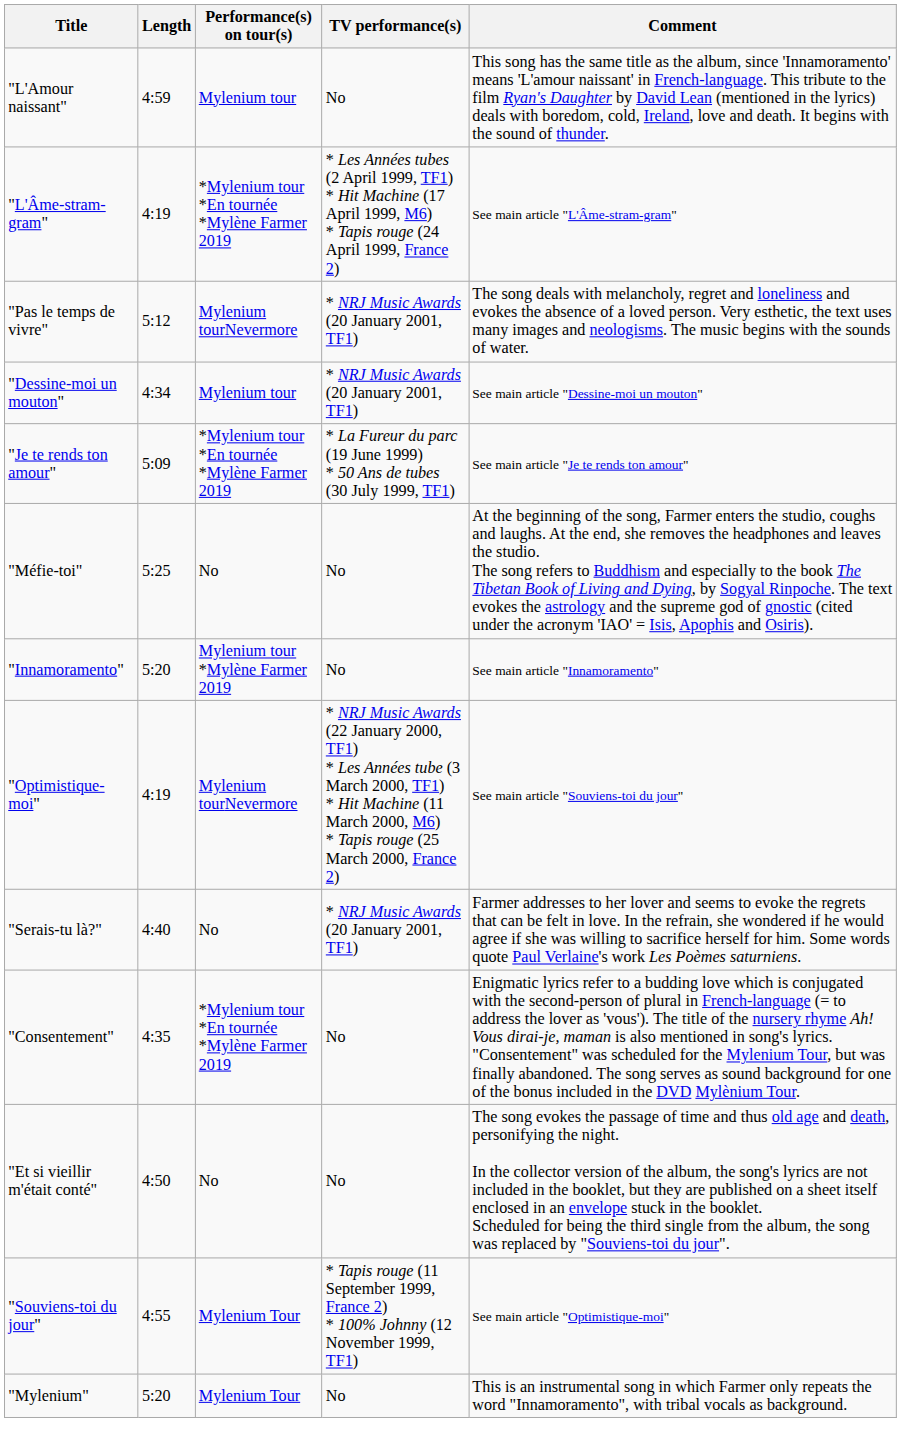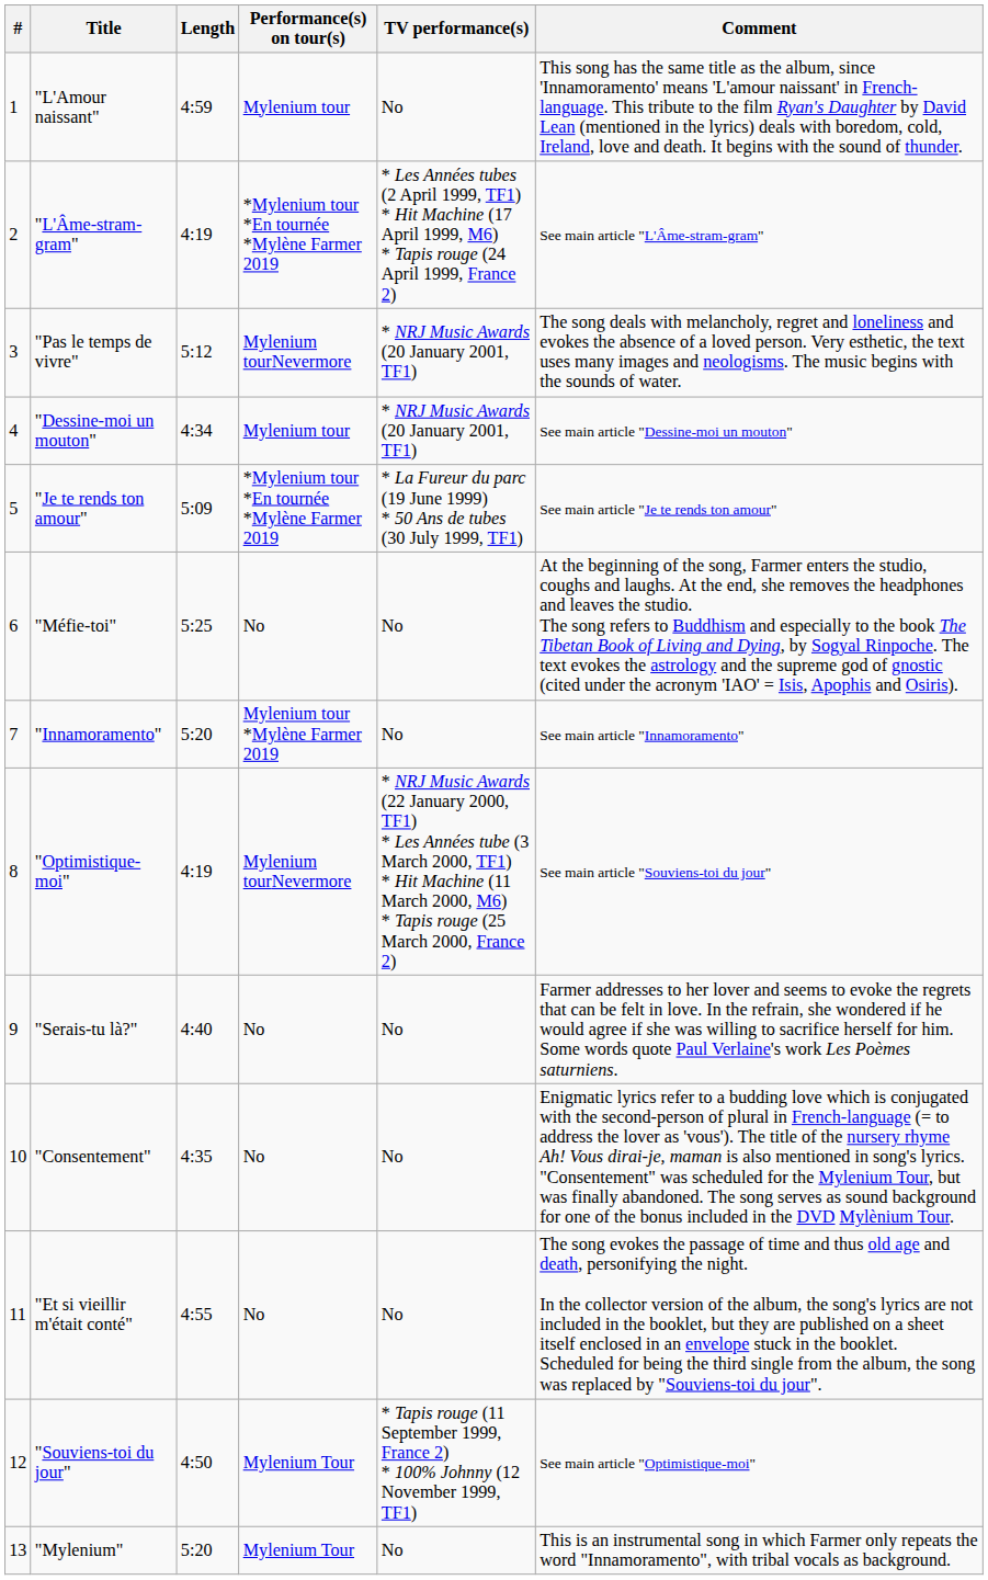 <table class="wikitable" width="100%" border="1">
 <tr>
+<th>#</th>
 <th>Title</th>
 <th>Length</th>
 <th>Performance(s) on tour(s)</th>
 <th>TV performance(s)</th>
 <th>Comment</th>
 </tr>
 <tr>
+<td>1</td>
 <td>"L'Amour naissant"</td>
 <td>4:59</td>
 <td><a href='#'>Mylenium tour</a></td>
 <td>No</td>
 <td>This song has the same title as the album, since 'Innamoramento' means 'L'amour naissant' in <a href='#'>French-language</a>. This tribute to the film <em><a href='#'>Ryan's Daughter</a></em> by <a href='#'>David Lean</a> (mentioned in the lyrics) deals with boredom, cold, <a href='#'>Ireland</a>, love and death. It begins with the sound of <a href='#'>thunder</a>.</td>
 </tr>
 <tr>
+<td>2</td>
 <td>"<a href='#'>L'Âme-stram-gram</a>"</td>
 <td>4:19</td>
 <td>*<a href='#'>Mylenium tour</a><br> *<a href='#'>En tournée</a><br>*<a href='#'>Mylène Farmer 2019</a></td>
 <td>* <em>Les Années tubes</em> (2 April 1999, <a href='#'>TF1</a>) <br>* <em>Hit Machine</em> (17 April 1999, <a href='#'>M6</a>) <br>* <em>Tapis rouge</em> (24 April 1999, <a href='#'>France 2</a>)</td>
 <td><small>See main article "<a href='#'>L'Âme-stram-gram</a>"</small></td>
 </tr>
 <tr>
+<td>3</td>
 <td>"Pas le temps de vivre"</td>
 <td>5:12</td>
 <td><a href='#'>Mylenium tour</a><a href='#'>Nevermore</a></td>
 <td>* <em><a href='#'>NRJ Music Awards</a></em> (20 January 2001, <a href='#'>TF1</a>)</td>
 <td>The song deals with melancholy, regret and <a href='#'>loneliness</a> and evokes the absence of a loved person. Very esthetic, the text uses many images and <a href='#'>neologisms</a>. The music begins with the sounds of water.</td>
 </tr>
 <tr>
+<td>4</td>
 <td>"<a href='#'>Dessine-moi un mouton</a>"</td>
 <td>4:34</td>
 <td><a href='#'>Mylenium tour</a></td>
 <td>* <em><a href='#'>NRJ Music Awards</a></em> (20 January 2001, <a href='#'>TF1</a>)</td>
 <td><small>See main article "<a href='#'>Dessine-moi un mouton</a>"</small></td>
 </tr>
 <tr>
+<td>5</td>
 <td>"<a href='#'>Je te rends ton amour</a>"</td>
 <td>5:09</td>
 <td>*<a href='#'>Mylenium tour</a><br> *<a href='#'>En tournée</a><br>*<a href='#'>Mylène Farmer 2019</a></td>
 <td>* <em>La Fureur du parc</em> (19 June 1999) <br>* <em>50 Ans de tubes</em> (30 July 1999, <a href='#'>TF1</a>)</td>
 <td><small>See main article "<a href='#'>Je te rends ton amour</a>"</small></td>
 </tr>
 <tr>
+<td>6</td>
 <td>"Méfie-toi"</td>
 <td>5:25</td>
 <td>No</td>
 <td>No</td>
 <td>At the beginning of the song, Farmer enters the studio, coughs and laughs. At the end, she removes the headphones and leaves the studio.<br>The song refers to <a href='#'>Buddhism</a> and especially to the book <em><a href='#'>The Tibetan Book of Living and Dying</a></em>, by <a href='#'>Sogyal Rinpoche</a>. The text evokes the <a href='#'>astrology</a> and the supreme god of <a href='#'>gnostic</a> (cited under the acronym 'IAO' = <a href='#'>Isis</a>, <a href='#'>Apophis</a> and <a href='#'>Osiris</a>).</td>
 </tr>
 <tr>
+<td>7</td>
 <td>"<a href='#'>Innamoramento</a>"</td>
 <td>5:20</td>
 <td><a href='#'>Mylenium tour</a><br>*<a href='#'>Mylène Farmer 2019</a></td>
 <td>No</td>
 <td><small>See main article "<a href='#'>Innamoramento</a>"</small></td>
 </tr>
 <tr>
+<td>8</td>
 <td>"<a href='#'>Optimistique-moi</a>"</td>
 <td>4:19</td>
 <td><a href='#'>Mylenium tour</a><a href='#'>Nevermore</a></td>
 <td>* <em><a href='#'>NRJ Music Awards</a></em> (22 January 2000, <a href='#'>TF1</a>) <br>* <em>Les Années tube</em> (3 March 2000, <a href='#'>TF1</a>) <br>* <em>Hit Machine</em> (11 March 2000, <a href='#'>M6</a>) <br>* <em>Tapis rouge</em> (25 March 2000, <a href='#'>France 2</a>)</td>
 <td><small>See main article "<a href='#'>Souviens-toi du jour</a>"</small></td>
 </tr>
 <tr>
+<td>9</td>
 <td>"Serais-tu là?"</td>
 <td>4:40</td>
 <td>No</td>
-<td>* <em><a href='#'>NRJ Music Awards</a></em> (20 January 2001, <a href='#'>TF1</a>)</td>
+<td>No</td>
 <td>Farmer addresses to her lover and seems to evoke the regrets that can be felt in love. In the refrain, she wondered if he would agree if she was willing to sacrifice herself for him. Some words quote <a href='#'>Paul Verlaine</a>'s work <em>Les Poèmes saturniens</em>.</td>
 </tr>
 <tr>
+<td>10</td>
 <td>"Consentement"</td>
 <td>4:35</td>
-<td>*<a href='#'>Mylenium tour</a><br> *<a href='#'>En tournée</a><br>*<a href='#'>Mylène Farmer 2019</a></td>
+<td>No</td>
 <td>No</td>
 <td>Enigmatic lyrics refer to a budding love which is conjugated with the second-person of plural in <a href='#'>French-language</a> (= to address the lover as 'vous'). The title of the <a href='#'>nursery rhyme</a> <em>Ah! Vous dirai-je, maman</em> is also mentioned in song's lyrics.<br>"Consentement" was scheduled for the <a href='#'>Mylenium Tour</a>, but was finally abandoned. The song serves as sound background for one of the bonus included in the <a href='#'>DVD</a> <a href='#'>Mylènium Tour</a>.</td>
 </tr>
 <tr>
+<td>11</td>
 <td>"Et si vieillir m'était conté"</td>
-<td>4:50</td>
+<td>4:55</td>
 <td>No</td>
 <td>No</td>
 <td>The song evokes the passage of time and thus <a href='#'>old age</a> and <a href='#'>death</a>, personifying the night.<br><br>In the collector version of the album, the song's lyrics are not included in the booklet, but they are published on a sheet itself enclosed in an <a href='#'>envelope</a> stuck in the booklet.<br> Scheduled for being the third single from the album, the song was replaced by "<a href='#'>Souviens-toi du jour</a>".</td>
 </tr>
 <tr>
+<td>12</td>
 <td>"<a href='#'>Souviens-toi du jour</a>"</td>
-<td>4:55</td>
+<td>4:50</td>
 <td><a href='#'>Mylenium Tour</a></td>
 <td>* <em>Tapis rouge</em> (11 September 1999, <a href='#'>France 2</a>) <br>* <em>100% Johnny</em> (12 November 1999, <a href='#'>TF1</a>)</td>
 <td><small>See main article "<a href='#'>Optimistique-moi</a>"</small></td>
 </tr>
 <tr>
+<td>13</td>
 <td>"Mylenium"</td>
 <td>5:20</td>
 <td><a href='#'>Mylenium Tour</a></td>
 <td>No</td>
 <td>This is an instrumental song in which Farmer only repeats the word "Innamoramento", with tribal vocals as background.</td>
 </tr>
 </table>
